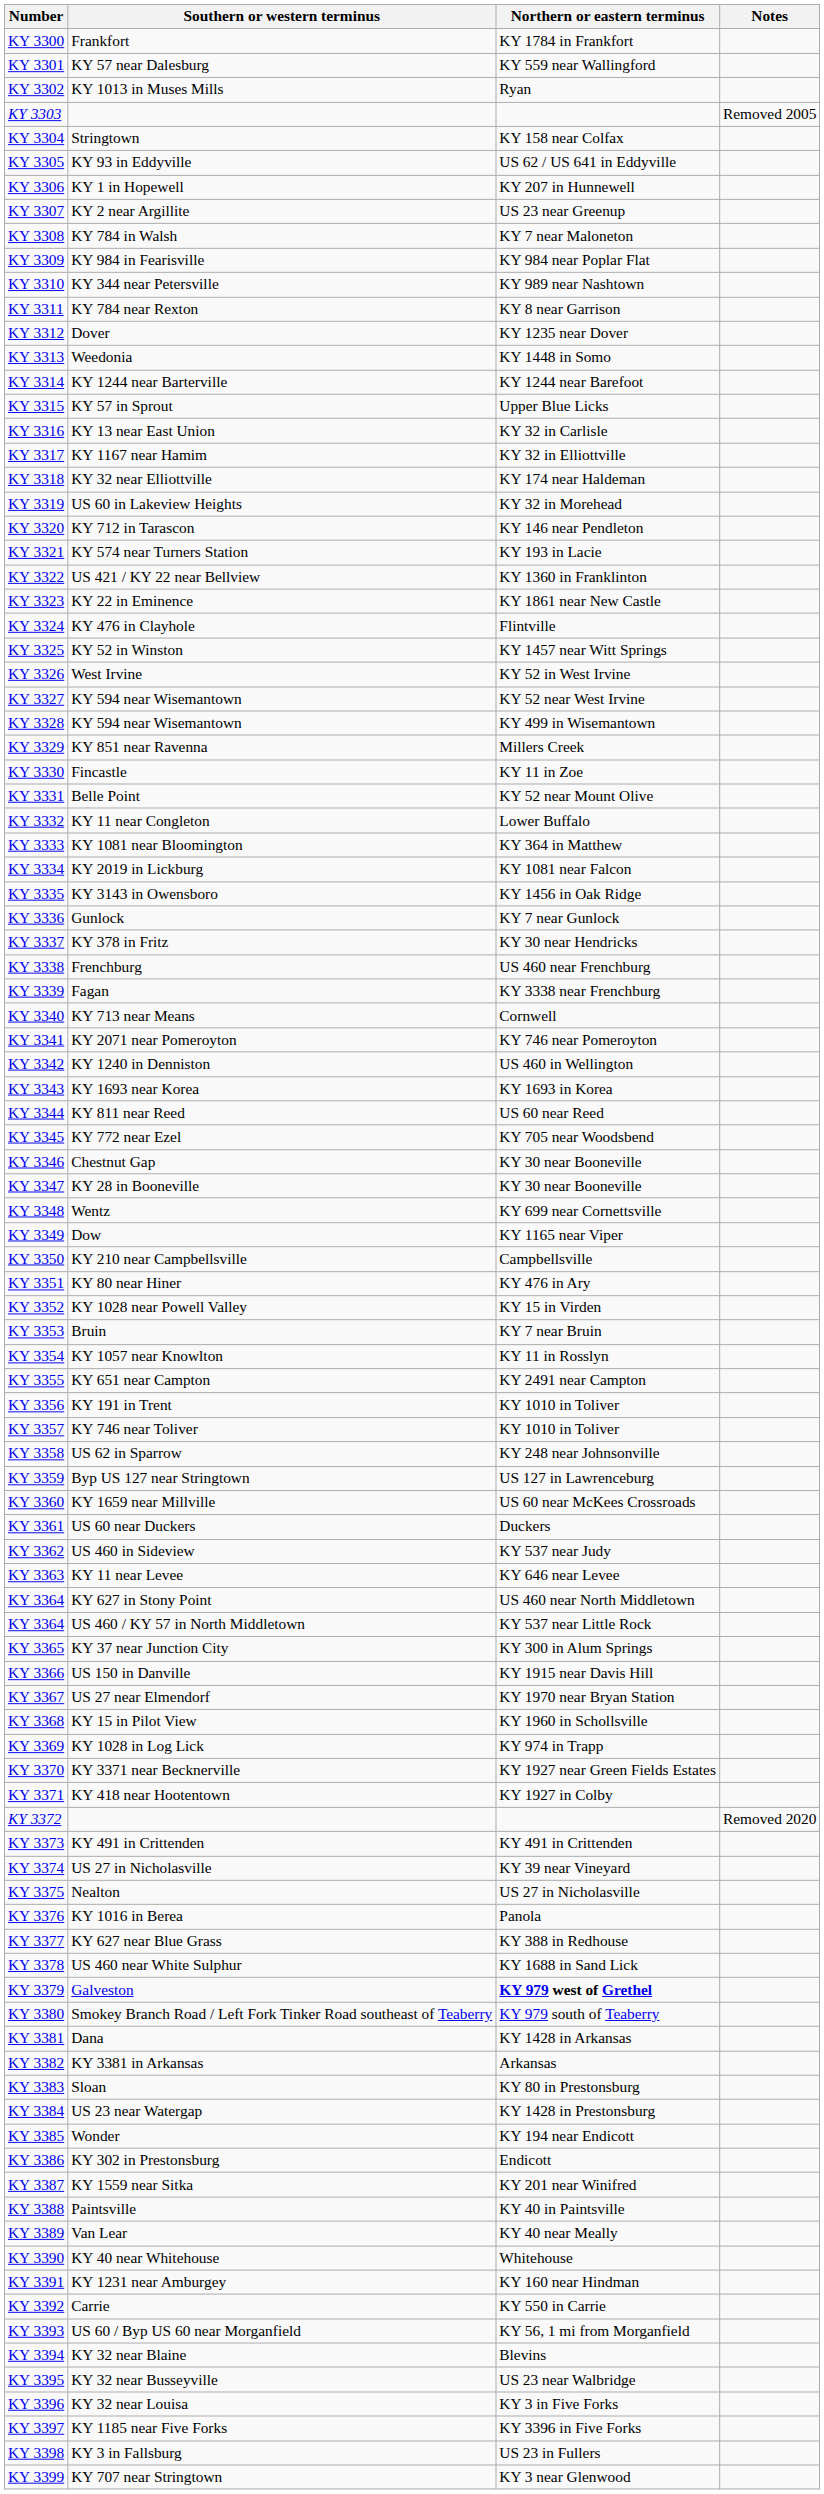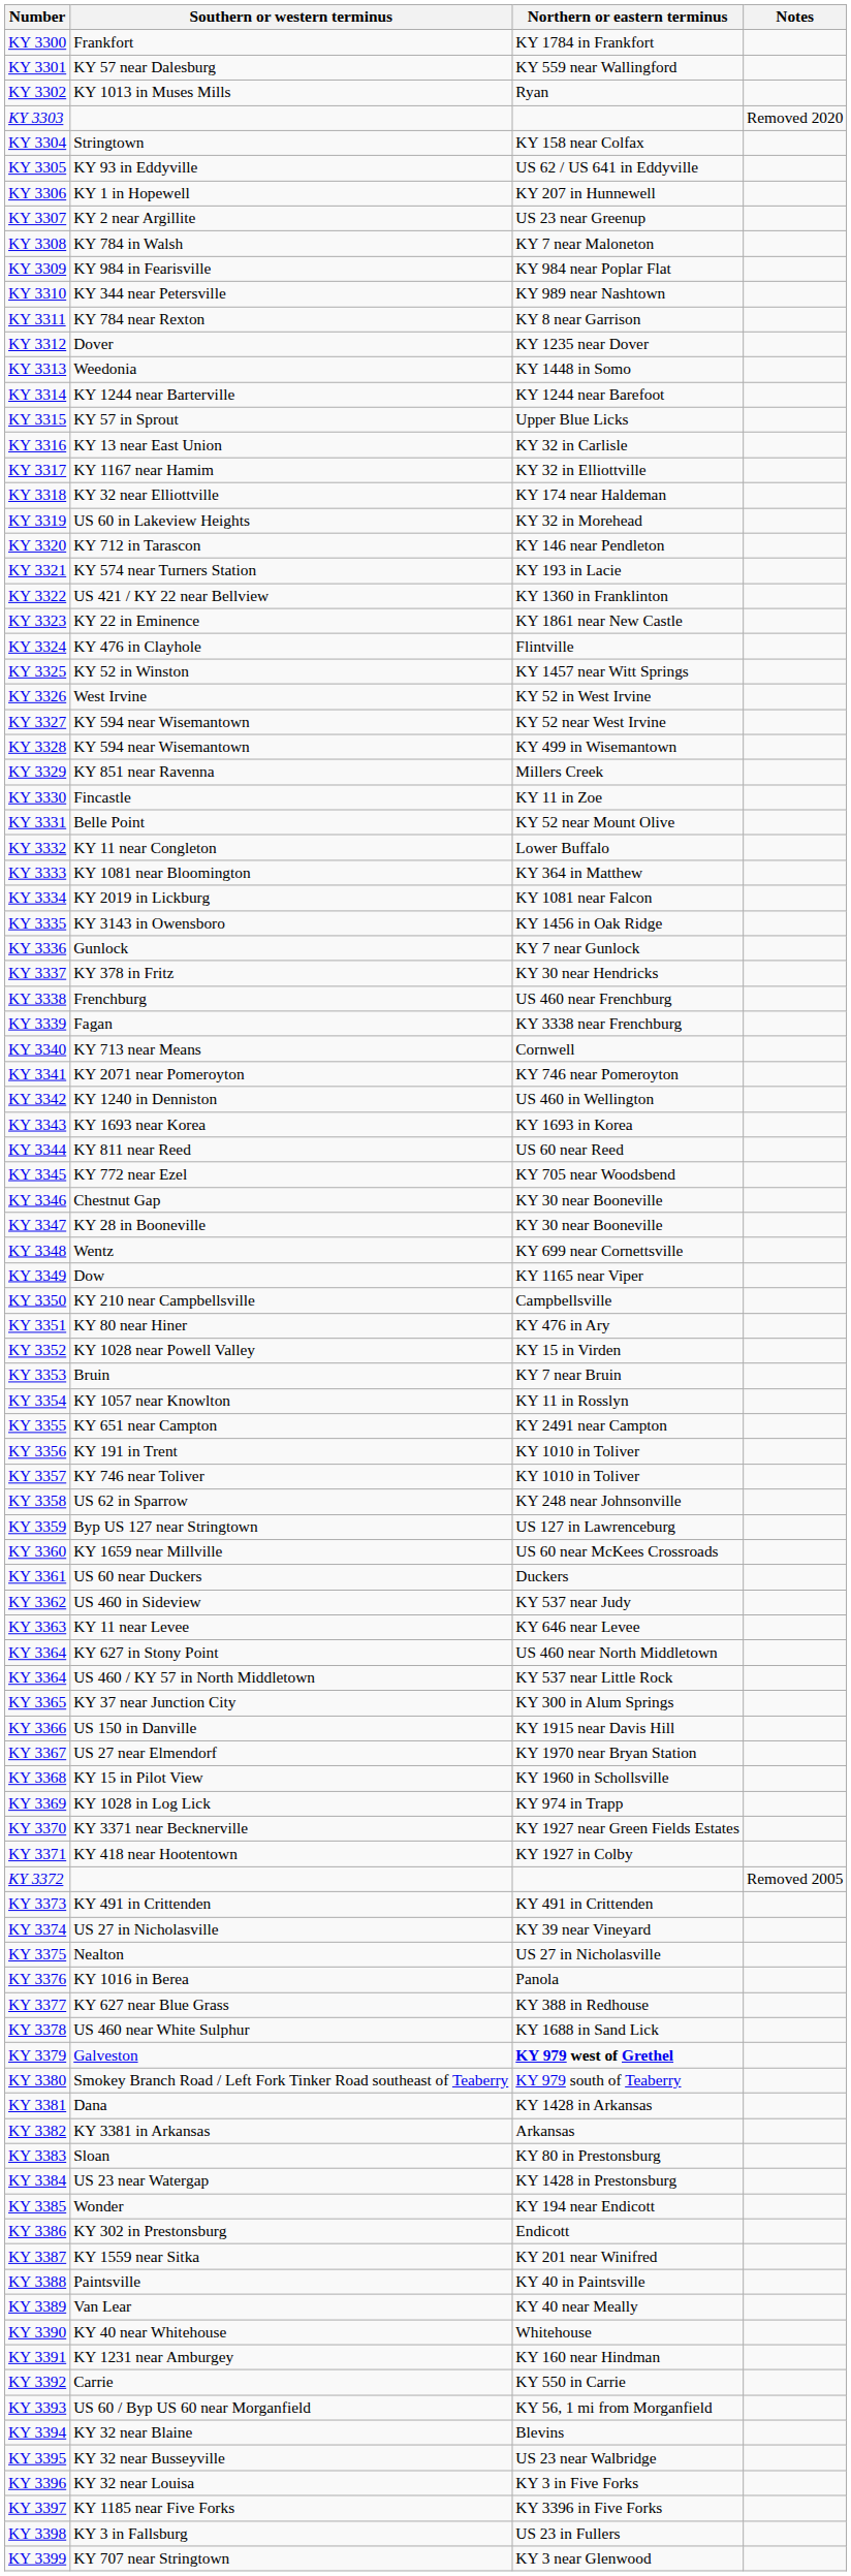 <table class="wikitable sortable mw-collapsible">
 <tr>
 <th>Number</th>
 <th>Southern or western terminus</th>
 <th>Northern or eastern terminus</th>
 <th>Notes</th>
 </tr>
 <tr>
 <td> <a href='#'>KY 3300</a></td>
 <td>Frankfort</td>
 <td>KY 1784 in Frankfort</td>
 <td></td>
 </tr>
 <tr>
 <td> <a href='#'>KY 3301</a></td>
 <td>KY 57 near Dalesburg</td>
 <td>KY 559 near Wallingford</td>
 <td></td>
 </tr>
 <tr>
 <td> <a href='#'>KY 3302</a></td>
 <td>KY 1013 in Muses Mills</td>
 <td>Ryan</td>
 <td></td>
 </tr>
 <tr>
 <td> <em><a href='#'>KY 3303</a></em></td>
 <td></td>
 <td></td>
-<td>Removed 2005</td>
+<td>Removed 2020</td>
 </tr>
 <tr>
 <td> <a href='#'>KY 3304</a></td>
 <td>Stringtown</td>
 <td>KY 158 near Colfax</td>
 <td></td>
 </tr>
 <tr>
 <td> <a href='#'>KY 3305</a></td>
 <td>KY 93 in Eddyville</td>
 <td>US 62 / US 641 in Eddyville</td>
 <td></td>
 </tr>
 <tr>
 <td> <a href='#'>KY 3306</a></td>
 <td>KY 1 in Hopewell</td>
 <td>KY 207 in Hunnewell</td>
 <td></td>
 </tr>
 <tr>
 <td> <a href='#'>KY 3307</a></td>
 <td>KY 2 near Argillite</td>
 <td>US 23 near Greenup</td>
 <td></td>
 </tr>
 <tr>
 <td> <a href='#'>KY 3308</a></td>
 <td>KY 784 in Walsh</td>
 <td>KY 7 near Maloneton</td>
 <td></td>
 </tr>
 <tr>
 <td> <a href='#'>KY 3309</a></td>
 <td>KY 984 in Fearisville</td>
 <td>KY 984 near Poplar Flat</td>
 <td></td>
 </tr>
 <tr>
 <td> <a href='#'>KY 3310</a></td>
 <td>KY 344 near Petersville</td>
 <td>KY 989 near Nashtown</td>
 <td></td>
 </tr>
 <tr>
 <td> <a href='#'>KY 3311</a></td>
 <td>KY 784 near Rexton</td>
 <td>KY 8 near Garrison</td>
 <td></td>
 </tr>
 <tr>
 <td> <a href='#'>KY 3312</a></td>
 <td>Dover</td>
 <td>KY 1235 near Dover</td>
 <td></td>
 </tr>
 <tr>
 <td> <a href='#'>KY 3313</a></td>
 <td>Weedonia</td>
 <td>KY 1448 in Somo</td>
 <td></td>
 </tr>
 <tr>
 <td> <a href='#'>KY 3314</a></td>
 <td>KY 1244 near Barterville</td>
 <td>KY 1244 near Barefoot</td>
 <td></td>
 </tr>
 <tr>
 <td> <a href='#'>KY 3315</a></td>
 <td>KY 57 in Sprout</td>
 <td>Upper Blue Licks</td>
 <td></td>
 </tr>
 <tr>
 <td> <a href='#'>KY 3316</a></td>
 <td>KY 13 near East Union</td>
 <td>KY 32 in Carlisle</td>
 <td></td>
 </tr>
 <tr>
 <td> <a href='#'>KY 3317</a></td>
 <td>KY 1167 near Hamim</td>
 <td>KY 32 in Elliottville</td>
 <td></td>
 </tr>
 <tr>
 <td> <a href='#'>KY 3318</a></td>
 <td>KY 32 near Elliottville</td>
 <td>KY 174 near Haldeman</td>
 <td></td>
 </tr>
 <tr>
 <td> <a href='#'>KY 3319</a></td>
 <td>US 60 in Lakeview Heights</td>
 <td>KY 32 in Morehead</td>
 <td></td>
 </tr>
 <tr>
 <td> <a href='#'>KY 3320</a></td>
 <td>KY 712 in Tarascon</td>
 <td>KY 146 near Pendleton</td>
 <td></td>
 </tr>
 <tr>
 <td> <a href='#'>KY 3321</a></td>
 <td>KY 574 near Turners Station</td>
 <td>KY 193 in Lacie</td>
 <td></td>
 </tr>
 <tr>
 <td> <a href='#'>KY 3322</a></td>
 <td>US 421 / KY 22 near Bellview</td>
 <td>KY 1360 in Franklinton</td>
 <td></td>
 </tr>
 <tr>
 <td> <a href='#'>KY 3323</a></td>
 <td>KY 22 in Eminence</td>
 <td>KY 1861 near New Castle</td>
 <td></td>
 </tr>
 <tr>
 <td> <a href='#'>KY 3324</a></td>
 <td>KY 476 in Clayhole</td>
 <td>Flintville</td>
 <td></td>
 </tr>
 <tr>
 <td> <a href='#'>KY 3325</a></td>
 <td>KY 52 in Winston</td>
 <td>KY 1457 near Witt Springs</td>
 <td></td>
 </tr>
 <tr>
 <td> <a href='#'>KY 3326</a></td>
 <td>West Irvine</td>
 <td>KY 52 in West Irvine</td>
 <td></td>
 </tr>
 <tr>
 <td> <a href='#'>KY 3327</a></td>
 <td>KY 594 near Wisemantown</td>
 <td>KY 52 near West Irvine</td>
 <td></td>
 </tr>
 <tr>
 <td> <a href='#'>KY 3328</a></td>
 <td>KY 594 near Wisemantown</td>
 <td>KY 499 in Wisemantown</td>
 <td></td>
 </tr>
 <tr>
 <td> <a href='#'>KY 3329</a></td>
 <td>KY 851 near Ravenna</td>
 <td>Millers Creek</td>
 <td></td>
 </tr>
 <tr>
 <td> <a href='#'>KY 3330</a></td>
 <td>Fincastle</td>
 <td>KY 11 in Zoe</td>
 <td></td>
 </tr>
 <tr>
 <td> <a href='#'>KY 3331</a></td>
 <td>Belle Point</td>
 <td>KY 52 near Mount Olive</td>
 <td></td>
 </tr>
 <tr>
 <td> <a href='#'>KY 3332</a></td>
 <td>KY 11 near Congleton</td>
 <td>Lower Buffalo</td>
 <td></td>
 </tr>
 <tr>
 <td> <a href='#'>KY 3333</a></td>
 <td>KY 1081 near Bloomington</td>
 <td>KY 364 in Matthew</td>
 <td></td>
 </tr>
 <tr>
 <td> <a href='#'>KY 3334</a></td>
 <td>KY 2019 in Lickburg</td>
 <td>KY 1081 near Falcon</td>
 <td></td>
 </tr>
 <tr>
 <td> <a href='#'>KY 3335</a></td>
 <td>KY 3143 in Owensboro</td>
 <td>KY 1456 in Oak Ridge</td>
 <td></td>
 </tr>
 <tr>
 <td> <a href='#'>KY 3336</a></td>
 <td>Gunlock</td>
 <td>KY 7 near Gunlock</td>
 <td></td>
 </tr>
 <tr>
 <td> <a href='#'>KY 3337</a></td>
 <td>KY 378 in Fritz</td>
 <td>KY 30 near Hendricks</td>
 <td></td>
 </tr>
 <tr>
 <td> <a href='#'>KY 3338</a></td>
 <td>Frenchburg</td>
 <td>US 460 near Frenchburg</td>
 <td></td>
 </tr>
 <tr>
 <td> <a href='#'>KY 3339</a></td>
 <td>Fagan</td>
 <td>KY 3338 near Frenchburg</td>
 <td></td>
 </tr>
 <tr>
 <td> <a href='#'>KY 3340</a></td>
 <td>KY 713 near Means</td>
 <td>Cornwell</td>
 <td></td>
 </tr>
 <tr>
 <td> <a href='#'>KY 3341</a></td>
 <td>KY 2071 near Pomeroyton</td>
 <td>KY 746 near Pomeroyton</td>
 <td></td>
 </tr>
 <tr>
 <td> <a href='#'>KY 3342</a></td>
 <td>KY 1240 in Denniston</td>
 <td>US 460 in Wellington</td>
 <td></td>
 </tr>
 <tr>
 <td> <a href='#'>KY 3343</a></td>
 <td>KY 1693 near Korea</td>
 <td>KY 1693 in Korea</td>
 <td></td>
 </tr>
 <tr>
 <td> <a href='#'>KY 3344</a></td>
 <td>KY 811 near Reed</td>
 <td>US 60 near Reed</td>
 <td></td>
 </tr>
 <tr>
 <td> <a href='#'>KY 3345</a></td>
 <td>KY 772 near Ezel</td>
 <td>KY 705 near Woodsbend</td>
 <td></td>
 </tr>
 <tr>
 <td> <a href='#'>KY 3346</a></td>
 <td>Chestnut Gap</td>
 <td>KY 30 near Booneville</td>
 <td></td>
 </tr>
 <tr>
 <td> <a href='#'>KY 3347</a></td>
 <td>KY 28 in Booneville</td>
 <td>KY 30 near Booneville</td>
 <td></td>
 </tr>
 <tr>
 <td> <a href='#'>KY 3348</a></td>
 <td>Wentz</td>
 <td>KY 699 near Cornettsville</td>
 <td></td>
 </tr>
 <tr>
 <td> <a href='#'>KY 3349</a></td>
 <td>Dow</td>
 <td>KY 1165 near Viper</td>
 <td></td>
 </tr>
 <tr>
 <td> <a href='#'>KY 3350</a></td>
 <td>KY 210 near Campbellsville</td>
 <td>Campbellsville</td>
 <td></td>
 </tr>
 <tr>
 <td> <a href='#'>KY 3351</a></td>
 <td>KY 80 near Hiner</td>
 <td>KY 476 in Ary</td>
 <td></td>
 </tr>
 <tr>
 <td> <a href='#'>KY 3352</a></td>
 <td>KY 1028 near Powell Valley</td>
 <td>KY 15 in Virden</td>
 <td></td>
 </tr>
 <tr>
 <td> <a href='#'>KY 3353</a></td>
 <td>Bruin</td>
 <td>KY 7 near Bruin</td>
 <td></td>
 </tr>
 <tr>
 <td> <a href='#'>KY 3354</a></td>
 <td>KY 1057 near Knowlton</td>
 <td>KY 11 in Rosslyn</td>
 <td></td>
 </tr>
 <tr>
 <td> <a href='#'>KY 3355</a></td>
 <td>KY 651 near Campton</td>
 <td>KY 2491 near Campton</td>
 <td></td>
 </tr>
 <tr>
 <td> <a href='#'>KY 3356</a></td>
 <td>KY 191 in Trent</td>
 <td>KY 1010 in Toliver</td>
 <td></td>
 </tr>
 <tr>
 <td> <a href='#'>KY 3357</a></td>
 <td>KY 746 near Toliver</td>
 <td>KY 1010 in Toliver</td>
 <td></td>
 </tr>
 <tr>
 <td> <a href='#'>KY 3358</a></td>
 <td>US 62 in Sparrow</td>
 <td>KY 248 near Johnsonville</td>
 <td></td>
 </tr>
 <tr>
 <td> <a href='#'>KY 3359</a></td>
 <td>Byp US 127 near Stringtown</td>
 <td>US 127 in Lawrenceburg</td>
 <td></td>
 </tr>
 <tr>
 <td> <a href='#'>KY 3360</a></td>
 <td>KY 1659 near Millville</td>
 <td>US 60 near McKees Crossroads</td>
 <td></td>
 </tr>
 <tr>
 <td> <a href='#'>KY 3361</a></td>
 <td>US 60 near Duckers</td>
 <td>Duckers</td>
 <td></td>
 </tr>
 <tr>
 <td> <a href='#'>KY 3362</a></td>
 <td>US 460 in Sideview</td>
 <td>KY 537 near Judy</td>
 <td></td>
 </tr>
 <tr>
 <td> <a href='#'>KY 3363</a></td>
 <td>KY 11 near Levee</td>
 <td>KY 646 near Levee</td>
 <td></td>
 </tr>
 <tr>
 <td> <a href='#'>KY 3364</a></td>
 <td>KY 627 in Stony Point</td>
 <td>US 460 near North Middletown</td>
 <td></td>
 </tr>
 <tr>
 <td> <a href='#'>KY 3364</a></td>
 <td>US 460 / KY 57 in North Middletown</td>
 <td>KY 537 near Little Rock</td>
 <td></td>
 </tr>
 <tr>
 <td> <a href='#'>KY 3365</a></td>
 <td>KY 37 near Junction City</td>
 <td>KY 300 in Alum Springs</td>
 <td></td>
 </tr>
 <tr>
 <td> <a href='#'>KY 3366</a></td>
 <td>US 150 in Danville</td>
 <td>KY 1915 near Davis Hill</td>
 <td></td>
 </tr>
 <tr>
 <td> <a href='#'>KY 3367</a></td>
 <td>US 27 near Elmendorf</td>
 <td>KY 1970 near Bryan Station</td>
 <td></td>
 </tr>
 <tr>
 <td> <a href='#'>KY 3368</a></td>
 <td>KY 15 in Pilot View</td>
 <td>KY 1960 in Schollsville</td>
 <td></td>
 </tr>
 <tr>
 <td> <a href='#'>KY 3369</a></td>
 <td>KY 1028 in Log Lick</td>
 <td>KY 974 in Trapp</td>
 <td></td>
 </tr>
 <tr>
 <td> <a href='#'>KY 3370</a></td>
 <td>KY 3371 near Becknerville</td>
 <td>KY 1927 near Green Fields Estates</td>
 <td></td>
 </tr>
 <tr>
 <td> <a href='#'>KY 3371</a></td>
 <td>KY 418 near Hootentown</td>
 <td>KY 1927 in Colby</td>
 <td></td>
 </tr>
 <tr>
 <td><em> <a href='#'>KY 3372</a></em></td>
 <td></td>
 <td></td>
-<td>Removed 2020</td>
+<td>Removed 2005</td>
 </tr>
 <tr>
 <td> <a href='#'>KY 3373</a></td>
 <td>KY 491 in Crittenden</td>
 <td>KY 491 in Crittenden</td>
 <td></td>
 </tr>
 <tr>
 <td> <a href='#'>KY 3374</a></td>
 <td>US 27 in Nicholasville</td>
 <td>KY 39 near Vineyard</td>
 <td></td>
 </tr>
 <tr>
 <td> <a href='#'>KY 3375</a></td>
 <td>Nealton</td>
 <td>US 27 in Nicholasville</td>
 <td></td>
 </tr>
 <tr>
 <td> <a href='#'>KY 3376</a></td>
 <td>KY 1016 in Berea</td>
 <td>Panola</td>
 <td></td>
 </tr>
 <tr>
 <td> <a href='#'>KY 3377</a></td>
 <td>KY 627 near Blue Grass</td>
 <td>KY 388 in Redhouse</td>
 <td></td>
 </tr>
 <tr>
 <td> <a href='#'>KY 3378</a></td>
 <td>US 460 near White Sulphur</td>
 <td>KY 1688 in Sand Lick</td>
 <td></td>
 </tr>
 <tr>
 <td> <a href='#'>KY 3379</a></td>
 <td><a href='#'>Galveston</a></td>
 <td><strong><a href='#'>KY 979</a> west of <a href='#'>Grethel</a></strong></td>
 <td></td>
 </tr>
 <tr>
 <td> <a href='#'>KY 3380</a></td>
 <td>Smokey Branch Road / Left Fork Tinker Road southeast of <a href='#'>Teaberry</a></td>
 <td><a href='#'>KY 979</a> south of <a href='#'>Teaberry</a></td>
 <td></td>
 </tr>
 <tr>
 <td> <a href='#'>KY 3381</a></td>
 <td>Dana</td>
 <td>KY 1428 in Arkansas</td>
 <td></td>
 </tr>
 <tr>
 <td> <a href='#'>KY 3382</a></td>
 <td>KY 3381 in Arkansas</td>
 <td>Arkansas</td>
 <td></td>
 </tr>
 <tr>
 <td> <a href='#'>KY 3383</a></td>
 <td>Sloan</td>
 <td>KY 80 in Prestonsburg</td>
 <td></td>
 </tr>
 <tr>
 <td> <a href='#'>KY 3384</a></td>
 <td>US 23 near Watergap</td>
 <td>KY 1428 in Prestonsburg</td>
 <td></td>
 </tr>
 <tr>
 <td> <a href='#'>KY 3385</a></td>
 <td>Wonder</td>
 <td>KY 194 near Endicott</td>
 <td></td>
 </tr>
 <tr>
 <td> <a href='#'>KY 3386</a></td>
 <td>KY 302 in Prestonsburg</td>
 <td>Endicott</td>
 <td></td>
 </tr>
 <tr>
 <td> <a href='#'>KY 3387</a></td>
 <td>KY 1559 near Sitka</td>
 <td>KY 201 near Winifred</td>
 <td></td>
 </tr>
 <tr>
 <td> <a href='#'>KY 3388</a></td>
 <td>Paintsville</td>
 <td>KY 40 in Paintsville</td>
 <td></td>
 </tr>
 <tr>
 <td> <a href='#'>KY 3389</a></td>
 <td>Van Lear</td>
 <td>KY 40 near Meally</td>
 <td></td>
 </tr>
 <tr>
 <td> <a href='#'>KY 3390</a></td>
 <td>KY 40 near Whitehouse</td>
 <td>Whitehouse</td>
 <td></td>
 </tr>
 <tr>
 <td> <a href='#'>KY 3391</a></td>
 <td>KY 1231 near Amburgey</td>
 <td>KY 160 near Hindman</td>
 <td></td>
 </tr>
 <tr>
 <td> <a href='#'>KY 3392</a></td>
 <td>Carrie</td>
 <td>KY 550 in Carrie</td>
 <td></td>
 </tr>
 <tr>
 <td> <a href='#'>KY 3393</a></td>
 <td>US 60 / Byp US 60 near Morganfield</td>
 <td>KY 56, 1 mi from Morganfield</td>
 <td></td>
 </tr>
 <tr>
 <td> <a href='#'>KY 3394</a></td>
 <td>KY 32 near Blaine</td>
 <td>Blevins</td>
 <td></td>
 </tr>
 <tr>
 <td> <a href='#'>KY 3395</a></td>
 <td>KY 32 near Busseyville</td>
 <td>US 23 near Walbridge</td>
 <td></td>
 </tr>
 <tr>
 <td> <a href='#'>KY 3396</a></td>
 <td>KY 32 near Louisa</td>
 <td>KY 3 in Five Forks</td>
 <td></td>
 </tr>
 <tr>
 <td> <a href='#'>KY 3397</a></td>
 <td>KY 1185 near Five Forks</td>
 <td>KY 3396 in Five Forks</td>
 <td></td>
 </tr>
 <tr>
 <td> <a href='#'>KY 3398</a></td>
 <td>KY 3 in Fallsburg</td>
 <td>US 23 in Fullers</td>
 <td></td>
 </tr>
 <tr>
 <td> <a href='#'>KY 3399</a></td>
 <td>KY 707 near Stringtown</td>
 <td>KY 3 near Glenwood</td>
 <td></td>
 </tr>
 </table>
